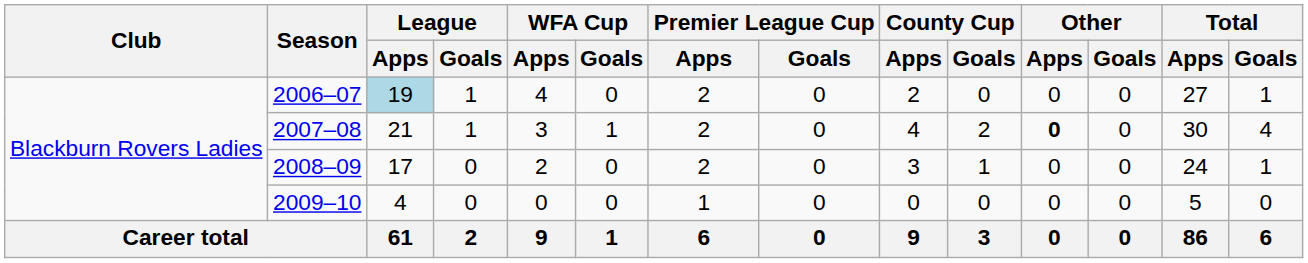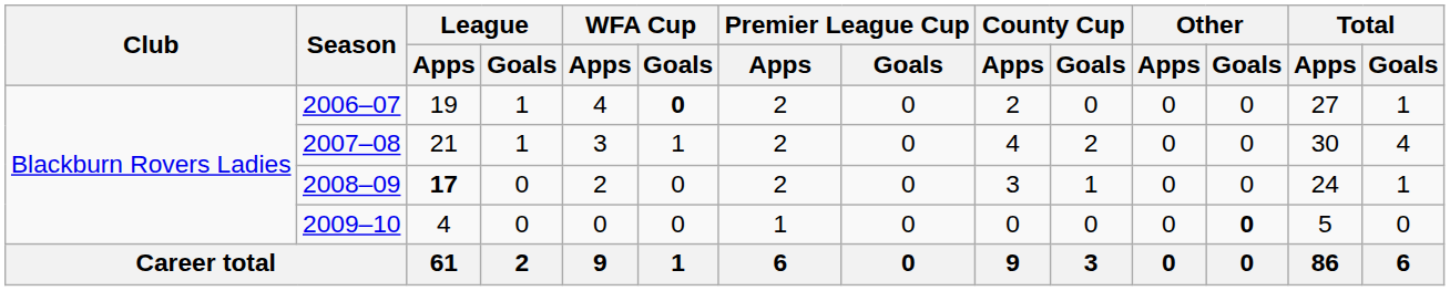 <table class="wikitable" border="1" style="text-align: center;">
 <tr>
 <th rowspan="2">Club</th>
 <th rowspan="2">Season</th>
 <th colspan="2">League</th>
 <th colspan="2">WFA Cup</th>
 <th colspan="2">Premier League Cup</th>
 <th colspan="2">County Cup</th>
 <th colspan="2">Other</th>
 <th colspan="2">Total</th>
 </tr>
 <tr>
 <th>Apps</th>
 <th>Goals</th>
 <th>Apps</th>
 <th>Goals</th>
 <th>Apps</th>
 <th>Goals</th>
 <th>Apps</th>
 <th>Goals</th>
 <th>Apps</th>
 <th>Goals</th>
 <th>Apps</th>
 <th>Goals</th>
 </tr>
 <tr>
 <td rowspan="4" valign="center"><a href='#'>Blackburn Rovers Ladies</a></td>
 <td><a href='#'>2006–07</a></td>
-<td style="background: lightblue;">19</td>
+<td>19</td>
 <td>1</td>
 <td>4</td>
-<td>0</td>
+<td><strong>0</strong></td>
 <td>2</td>
 <td>0</td>
 <td>2</td>
 <td>0</td>
 <td>0</td>
 <td>0</td>
 <td>27</td>
 <td>1</td>
 </tr>
 <tr>
 <td><a href='#'>2007–08</a></td>
 <td>21</td>
 <td>1</td>
 <td>3</td>
 <td>1</td>
 <td>2</td>
 <td>0</td>
 <td>4</td>
 <td>2</td>
-<td><strong>0</strong></td>
+<td>0</td>
 <td>0</td>
 <td>30</td>
 <td>4</td>
 </tr>
 <tr>
 <td><a href='#'>2008–09</a></td>
-<td>17</td>
+<td><strong>17</strong></td>
 <td>0</td>
 <td>2</td>
 <td>0</td>
 <td>2</td>
 <td>0</td>
 <td>3</td>
 <td>1</td>
 <td>0</td>
 <td>0</td>
 <td>24</td>
 <td>1</td>
 </tr>
 <tr>
 <td><a href='#'>2009–10</a></td>
 <td>4</td>
 <td>0</td>
 <td>0</td>
 <td>0</td>
 <td>1</td>
 <td>0</td>
 <td>0</td>
 <td>0</td>
 <td>0</td>
-<td>0</td>
+<td><strong>0</strong></td>
 <td>5</td>
 <td>0</td>
 </tr>
 <tr>
 <th colspan="2">Career total</th>
 <th>61</th>
 <th>2</th>
 <th>9</th>
 <th>1</th>
 <th>6</th>
 <th>0</th>
 <th>9</th>
 <th>3</th>
 <th>0</th>
 <th>0</th>
 <th>86</th>
 <th>6</th>
 </tr>
 </table>
